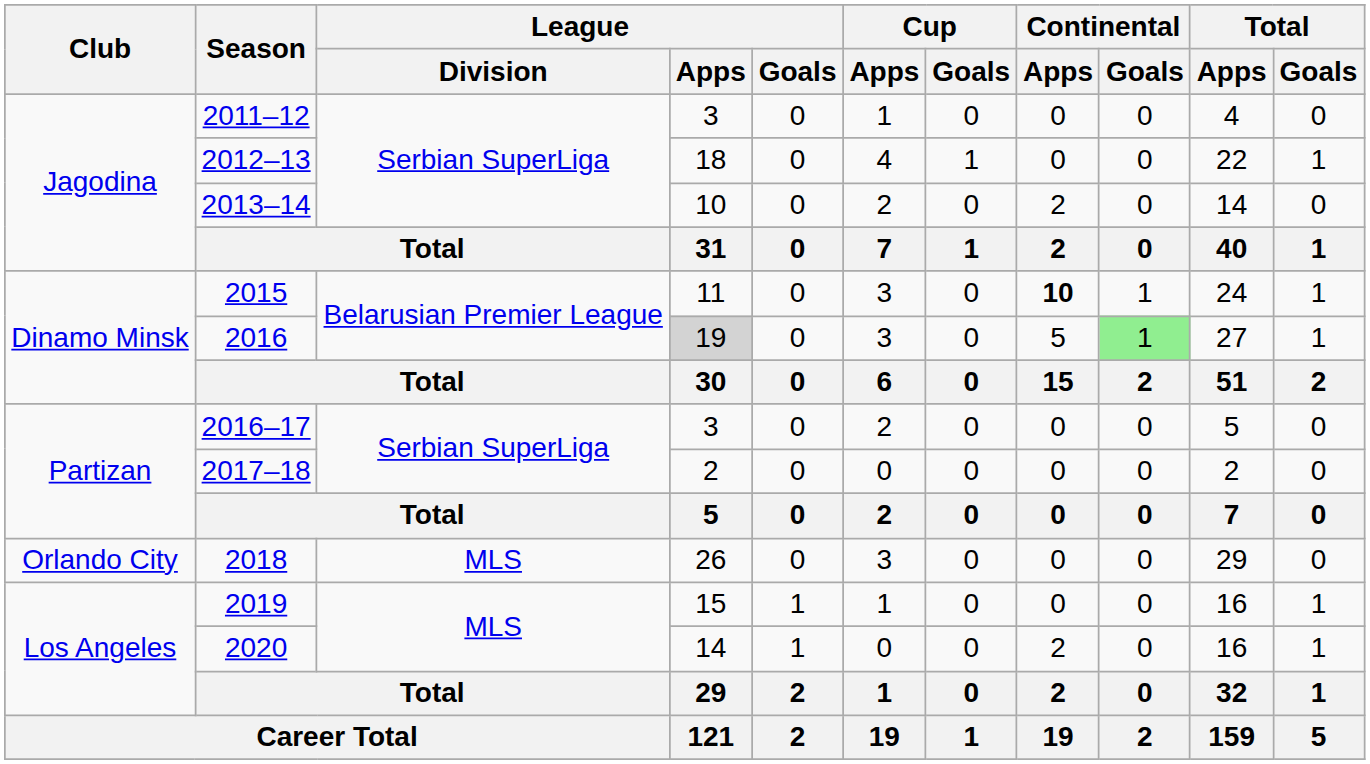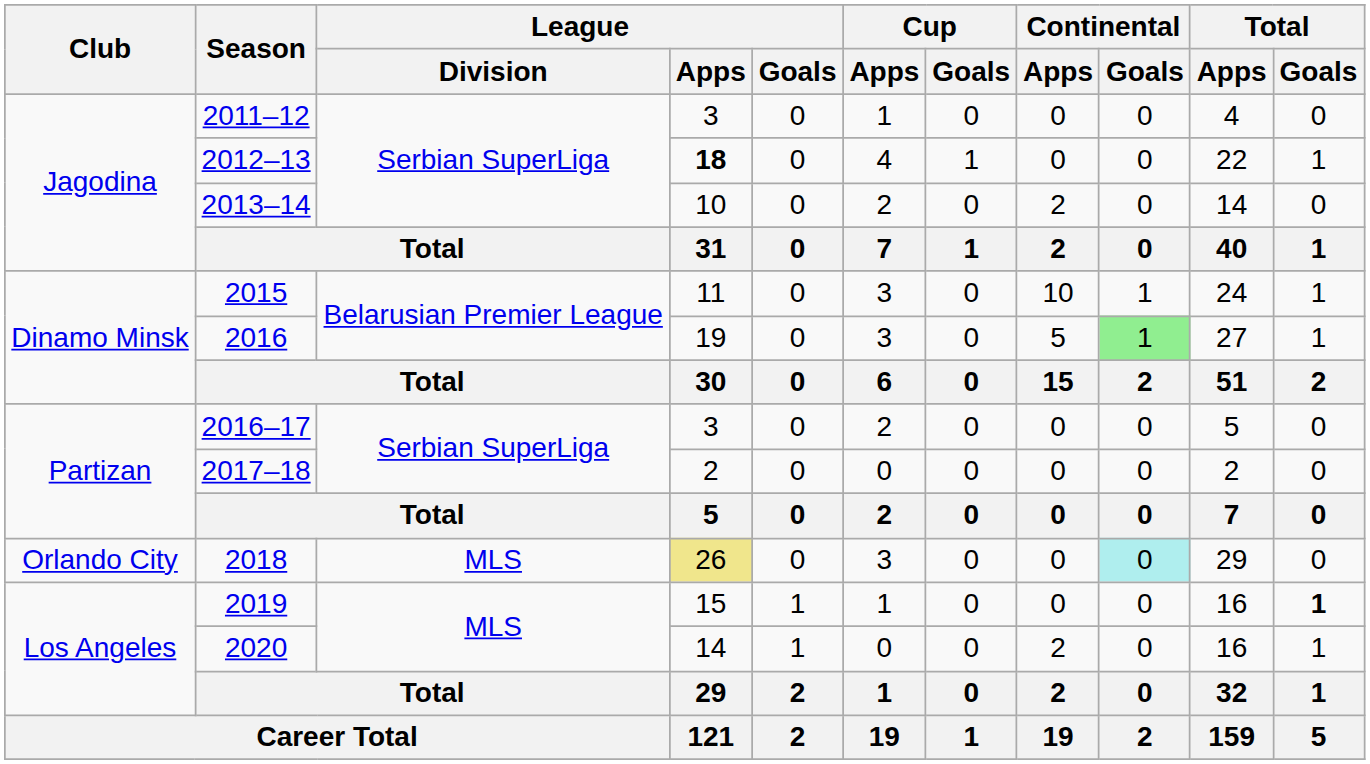 <table class="wikitable" style="text-align:center">
 <tr>
 <th rowspan="2">Club</th>
 <th rowspan="2">Season</th>
 <th colspan="3">League</th>
 <th colspan="2">Cup</th>
 <th colspan="2">Continental</th>
 <th colspan="2">Total</th>
 </tr>
 <tr>
 <th>Division</th>
 <th>Apps</th>
 <th>Goals</th>
 <th>Apps</th>
 <th>Goals</th>
 <th>Apps</th>
 <th>Goals</th>
 <th>Apps</th>
 <th>Goals</th>
 </tr>
 <tr>
 <td rowspan="4"><a href='#'>Jagodina</a></td>
 <td><a href='#'>2011–12</a></td>
 <td rowspan="3"><a href='#'>Serbian SuperLiga</a></td>
 <td>3</td>
 <td>0</td>
 <td>1</td>
 <td>0</td>
 <td>0</td>
 <td>0</td>
 <td>4</td>
 <td>0</td>
 </tr>
 <tr>
 <td><a href='#'>2012–13</a></td>
-<td>18</td>
+<td><strong>18</strong></td>
 <td>0</td>
 <td>4</td>
 <td>1</td>
 <td>0</td>
 <td>0</td>
 <td>22</td>
 <td>1</td>
 </tr>
 <tr>
 <td><a href='#'>2013–14</a></td>
 <td>10</td>
 <td>0</td>
 <td>2</td>
 <td>0</td>
 <td>2</td>
 <td>0</td>
 <td>14</td>
 <td>0</td>
 </tr>
 <tr>
 <th colspan="2">Total</th>
 <th>31</th>
 <th>0</th>
 <th>7</th>
 <th>1</th>
 <th>2</th>
 <th>0</th>
 <th>40</th>
 <th>1</th>
 </tr>
 <tr>
 <td rowspan="3"><a href='#'>Dinamo Minsk</a></td>
 <td><a href='#'>2015</a></td>
 <td rowspan="2"><a href='#'>Belarusian Premier League</a></td>
 <td>11</td>
 <td>0</td>
 <td>3</td>
 <td>0</td>
-<td><strong>10</strong></td>
+<td>10</td>
 <td>1</td>
 <td>24</td>
 <td>1</td>
 </tr>
 <tr>
 <td><a href='#'>2016</a></td>
-<td style="background: lightgrey;">19</td>
+<td>19</td>
 <td>0</td>
 <td>3</td>
 <td>0</td>
 <td>5</td>
 <td style="background: lightgreen;">1</td>
 <td>27</td>
 <td>1</td>
 </tr>
 <tr>
 <th colspan="2">Total</th>
 <th>30</th>
 <th>0</th>
 <th>6</th>
 <th>0</th>
 <th>15</th>
 <th>2</th>
 <th>51</th>
 <th>2</th>
 </tr>
 <tr>
 <td rowspan="3"><a href='#'>Partizan</a></td>
 <td><a href='#'>2016–17</a></td>
 <td rowspan="2"><a href='#'>Serbian SuperLiga</a></td>
 <td>3</td>
 <td>0</td>
 <td>2</td>
 <td>0</td>
 <td>0</td>
 <td>0</td>
 <td>5</td>
 <td>0</td>
 </tr>
 <tr>
 <td><a href='#'>2017–18</a></td>
 <td>2</td>
 <td>0</td>
 <td>0</td>
 <td>0</td>
 <td>0</td>
 <td>0</td>
 <td>2</td>
 <td>0</td>
 </tr>
 <tr>
 <th colspan="2">Total</th>
 <th>5</th>
 <th>0</th>
 <th>2</th>
 <th>0</th>
 <th>0</th>
 <th>0</th>
 <th>7</th>
 <th>0</th>
 </tr>
 <tr>
 <td><a href='#'>Orlando City</a></td>
 <td><a href='#'>2018</a></td>
 <td><a href='#'>MLS</a></td>
-<td>26</td>
+<td style="background: khaki;">26</td>
 <td>0</td>
 <td>3</td>
 <td>0</td>
 <td>0</td>
-<td>0</td>
+<td style="background: paleturquoise;">0</td>
 <td>29</td>
 <td>0</td>
 </tr>
 <tr>
 <td rowspan="3"><a href='#'>Los Angeles</a></td>
 <td><a href='#'>2019</a></td>
 <td rowspan="2"><a href='#'>MLS</a></td>
 <td>15</td>
 <td>1</td>
 <td>1</td>
 <td>0</td>
 <td>0</td>
 <td>0</td>
 <td>16</td>
-<td>1</td>
+<td><strong>1</strong></td>
 </tr>
 <tr>
 <td><a href='#'>2020</a></td>
 <td>14</td>
 <td>1</td>
 <td>0</td>
 <td>0</td>
 <td>2</td>
 <td>0</td>
 <td>16</td>
 <td>1</td>
 </tr>
 <tr>
 <th colspan="2">Total</th>
 <th>29</th>
 <th>2</th>
 <th>1</th>
 <th>0</th>
 <th>2</th>
 <th>0</th>
 <th>32</th>
 <th>1</th>
 </tr>
 <tr>
 <th colspan="3">Career Total</th>
 <th>121</th>
 <th>2</th>
 <th>19</th>
 <th>1</th>
 <th>19</th>
 <th>2</th>
 <th>159</th>
 <th>5</th>
 </tr>
 </table>
